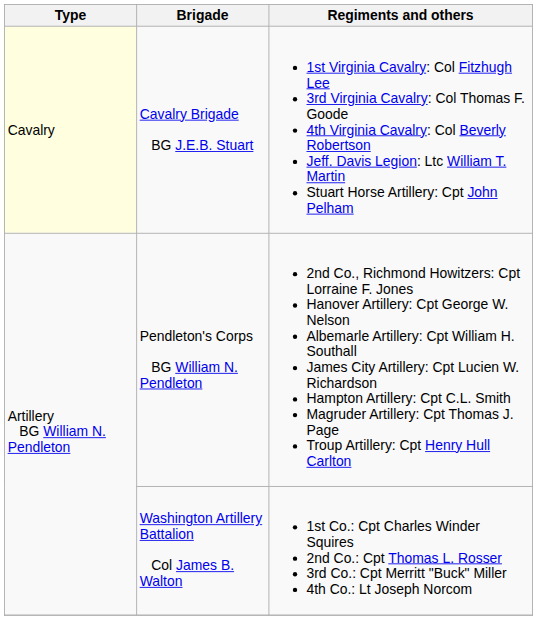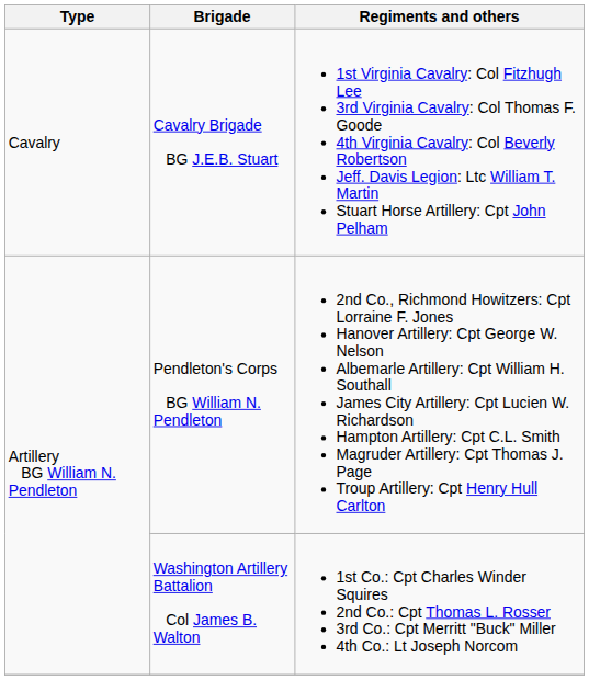 <table class="wikitable">
 <tr>
 <th width=25%>Type</th>
 <th width=25%>Brigade</th>
 <th>Regiments and others</th>
 </tr>
 <tr>
-<td style="background: lightyellow;">Cavalry</td>
+<td>Cavalry</td>
 <td><a href='#'>Cavalry Brigade</a><br><br>   BG <a href='#'>J.E.B. Stuart</a></td>
 <td><br><ul><li><a href='#'>1st Virginia Cavalry</a>: Col <a href='#'>Fitzhugh Lee</a></li><li><a href='#'>3rd Virginia Cavalry</a>: Col Thomas F. Goode</li><li><a href='#'>4th Virginia Cavalry</a>: Col <a href='#'>Beverly Robertson</a></li><li><a href='#'>Jeff. Davis Legion</a>: Ltc <a href='#'>William T. Martin</a></li><li>Stuart Horse Artillery: Cpt <a href='#'>John Pelham</a></li></ul></td>
 </tr>
 <tr>
 <td rowspan=2><br>Artillery<br>   BG <a href='#'>William N. Pendleton</a></td>
 <td>Pendleton's Corps<br><br>   BG <a href='#'>William N. Pendleton</a></td>
 <td><br><ul><li>2nd Co., Richmond Howitzers: Cpt Lorraine F. Jones</li><li>Hanover Artillery: Cpt George W. Nelson</li><li>Albemarle Artillery: Cpt William H. Southall</li><li>James City Artillery: Cpt Lucien W. Richardson</li><li>Hampton Artillery: Cpt C.L. Smith</li><li>Magruder Artillery: Cpt Thomas J. Page</li><li>Troup Artillery: Cpt <a href='#'>Henry Hull Carlton</a></li></ul></td>
 </tr>
 <tr>
 <td><a href='#'>Washington Artillery Battalion</a><br><br>   Col <a href='#'>James B. Walton</a></td>
 <td><br><ul><li>1st Co.: Cpt Charles Winder Squires</li><li>2nd Co.: Cpt <a href='#'>Thomas L. Rosser</a></li><li>3rd Co.: Cpt Merritt "Buck" Miller</li><li>4th Co.: Lt Joseph Norcom</li></ul></td>
 </tr>
 <tr>
 </tr>
 </table>
